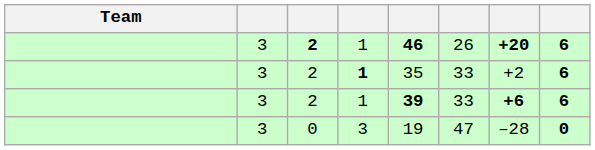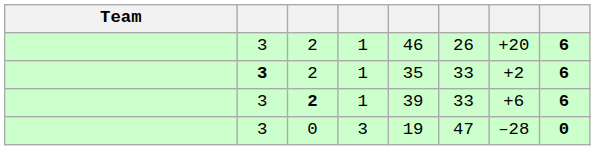 <table class="wikitable" style="text-align:center;font-size:95%">
 <tr>
 <th width=160>Team</th>
 <th width=30></th>
 <th width=30></th>
 <th width=30></th>
 <th width=30></th>
 <th width=30></th>
 <th width=30></th>
 <th width=30></th>
 </tr>
 <tr bgcolor=ccffcc>
 <td align="left"></td>
 <td>3</td>
-<td><strong>2</strong></td>
+<td>2</td>
 <td>1</td>
-<td><strong>46</strong></td>
+<td>46</td>
 <td>26</td>
-<td><strong>+20</strong></td>
+<td>+20</td>
 <td><strong>6</strong></td>
 </tr>
 <tr bgcolor=ccffcc>
 <td align="left"></td>
-<td>3</td>
+<td><strong>3</strong></td>
 <td>2</td>
-<td><strong>1</strong></td>
+<td>1</td>
 <td>35</td>
 <td>33</td>
 <td>+2</td>
 <td><strong>6</strong></td>
 </tr>
 <tr bgcolor=ccffcc>
 <td align="left"></td>
 <td>3</td>
-<td>2</td>
+<td><strong>2</strong></td>
 <td>1</td>
-<td><strong>39</strong></td>
+<td>39</td>
 <td>33</td>
-<td><strong>+6</strong></td>
+<td>+6</td>
 <td><strong>6</strong></td>
 </tr>
 <tr bgcolor=ccffcc>
 <td align="left"></td>
 <td>3</td>
 <td>0</td>
 <td>3</td>
 <td>19</td>
 <td>47</td>
 <td>–28</td>
 <td><strong>0</strong></td>
 </tr>
 </table>
